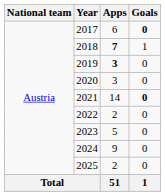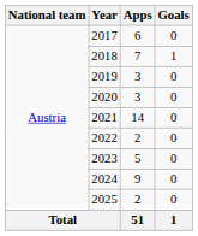 <table class=wikitable style=text-align:center>
 <tr>
 <th>National team</th>
 <th>Year</th>
 <th>Apps</th>
 <th>Goals</th>
 </tr>
 <tr>
 <td rowspan="9"><a href='#'>Austria</a></td>
 <td>2017</td>
 <td>6</td>
-<td><strong>0</strong></td>
+<td>0</td>
 </tr>
 <tr>
 <td>2018</td>
-<td><strong>7</strong></td>
+<td>7</td>
 <td>1</td>
 </tr>
 <tr>
 <td>2019</td>
-<td><strong>3</strong></td>
+<td>3</td>
 <td>0</td>
 </tr>
 <tr>
 <td>2020</td>
 <td>3</td>
 <td>0</td>
 </tr>
 <tr>
 <td>2021</td>
 <td>14</td>
-<td><strong>0</strong></td>
+<td>0</td>
 </tr>
 <tr>
 <td>2022</td>
 <td>2</td>
 <td>0</td>
 </tr>
 <tr>
 <td>2023</td>
 <td>5</td>
 <td>0</td>
 </tr>
 <tr>
 <td>2024</td>
 <td>9</td>
 <td>0</td>
 </tr>
 <tr>
 <td>2025</td>
 <td>2</td>
 <td>0</td>
 </tr>
 <tr>
 <th colspan="2">Total</th>
 <th>51</th>
 <th>1</th>
 </tr>
 </table>
